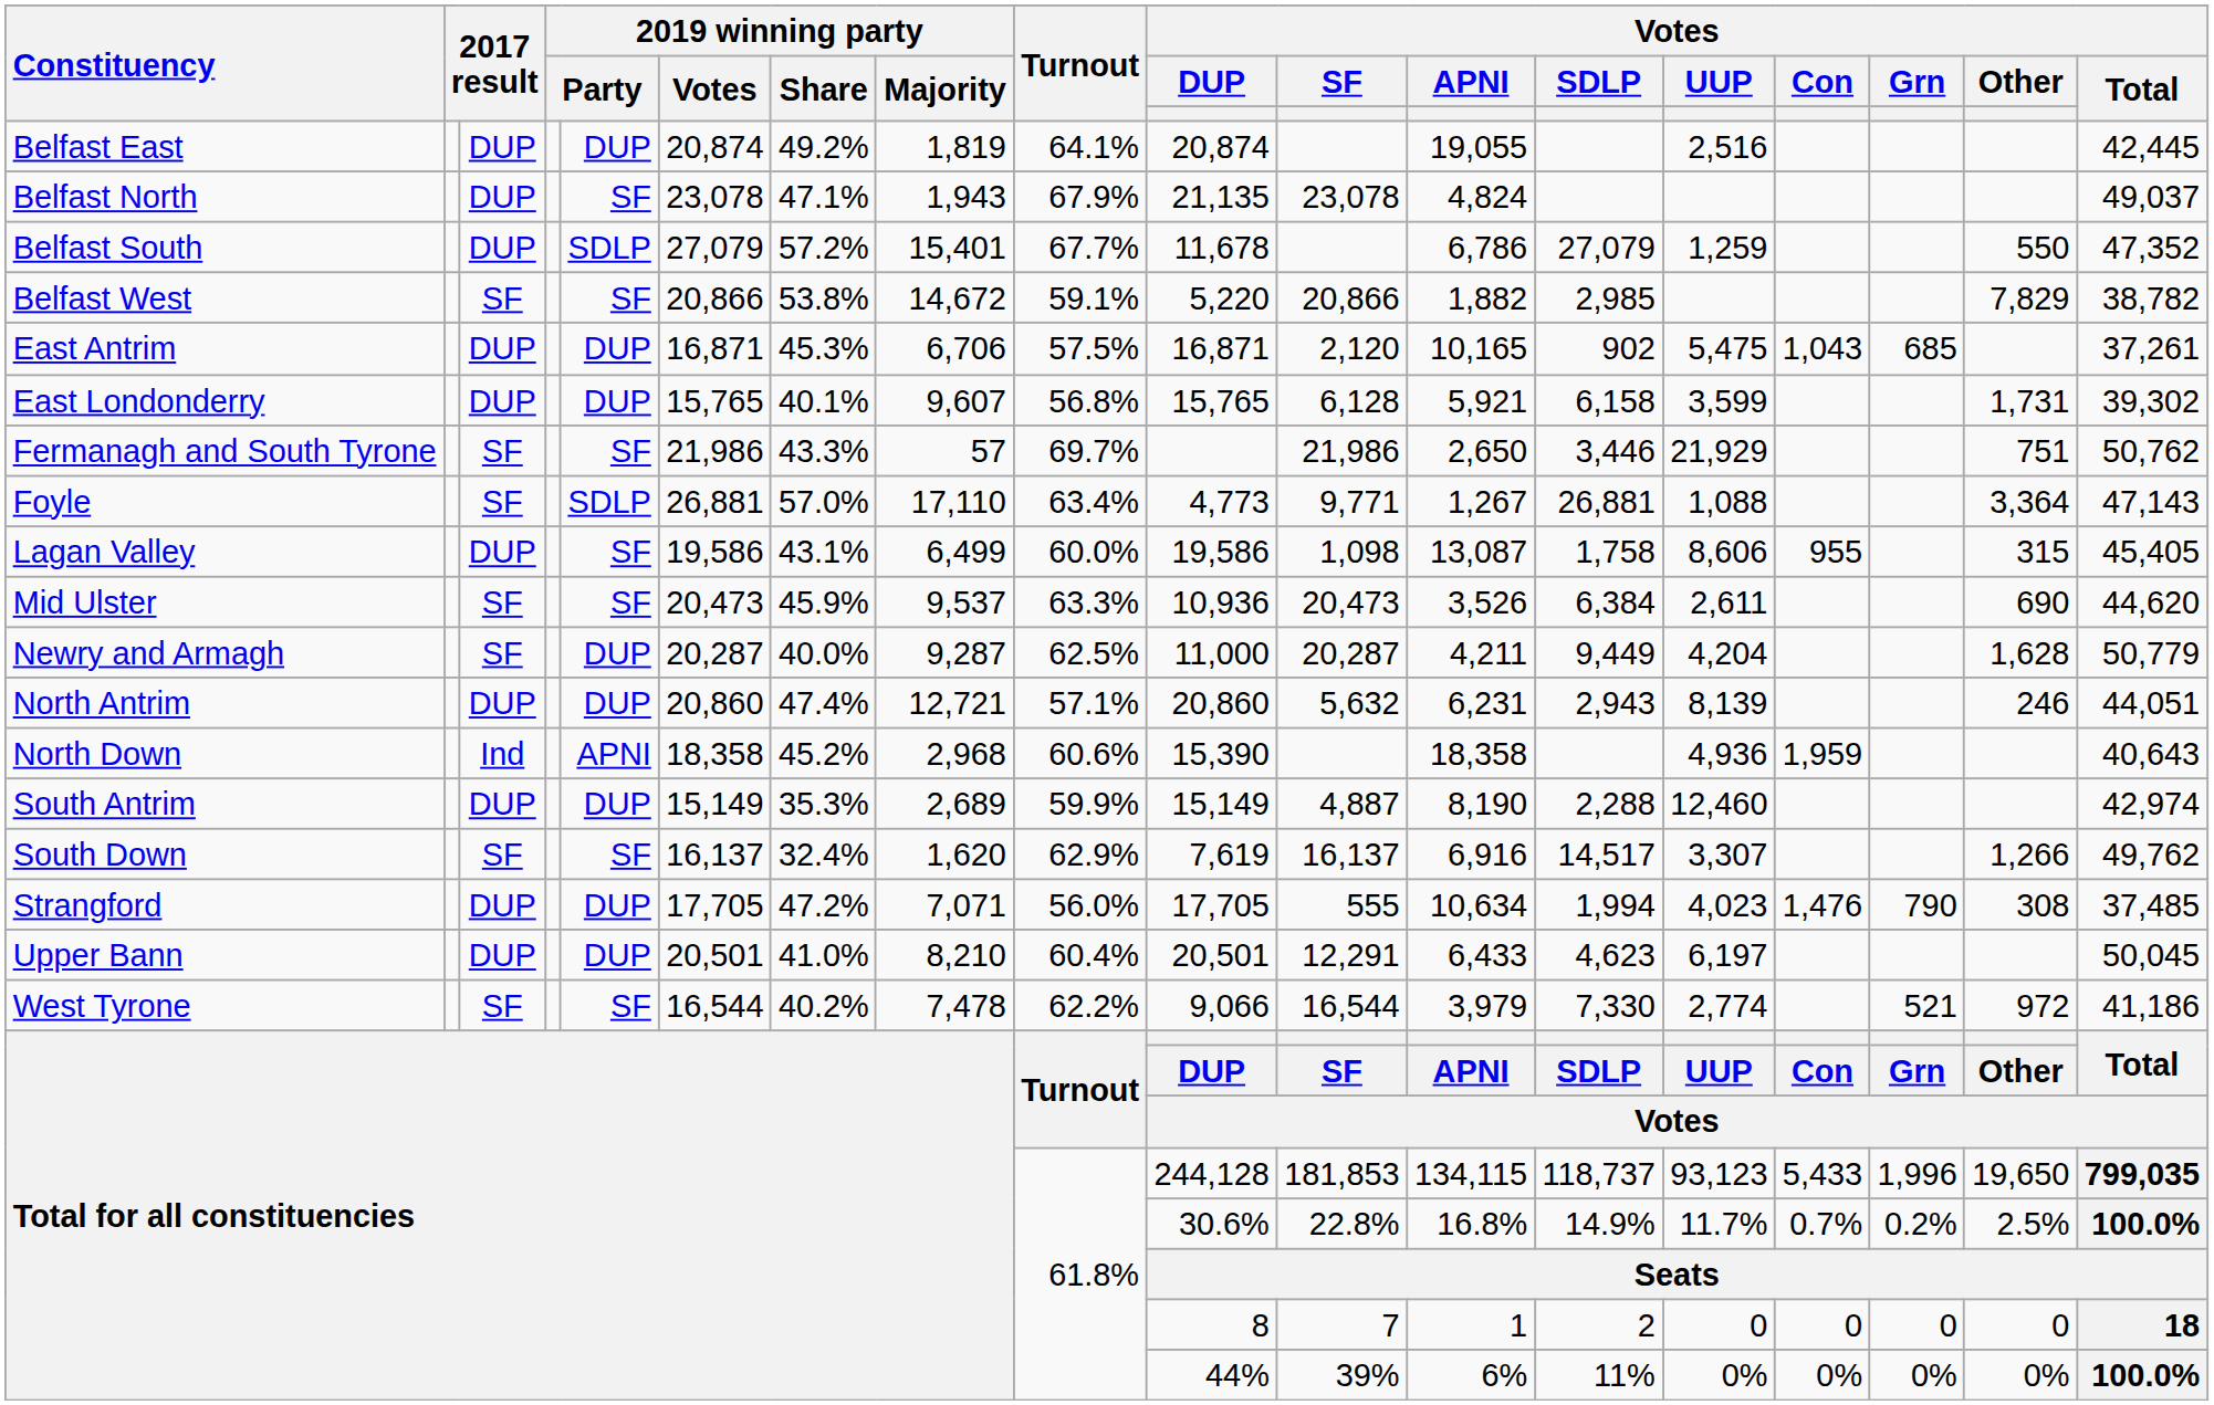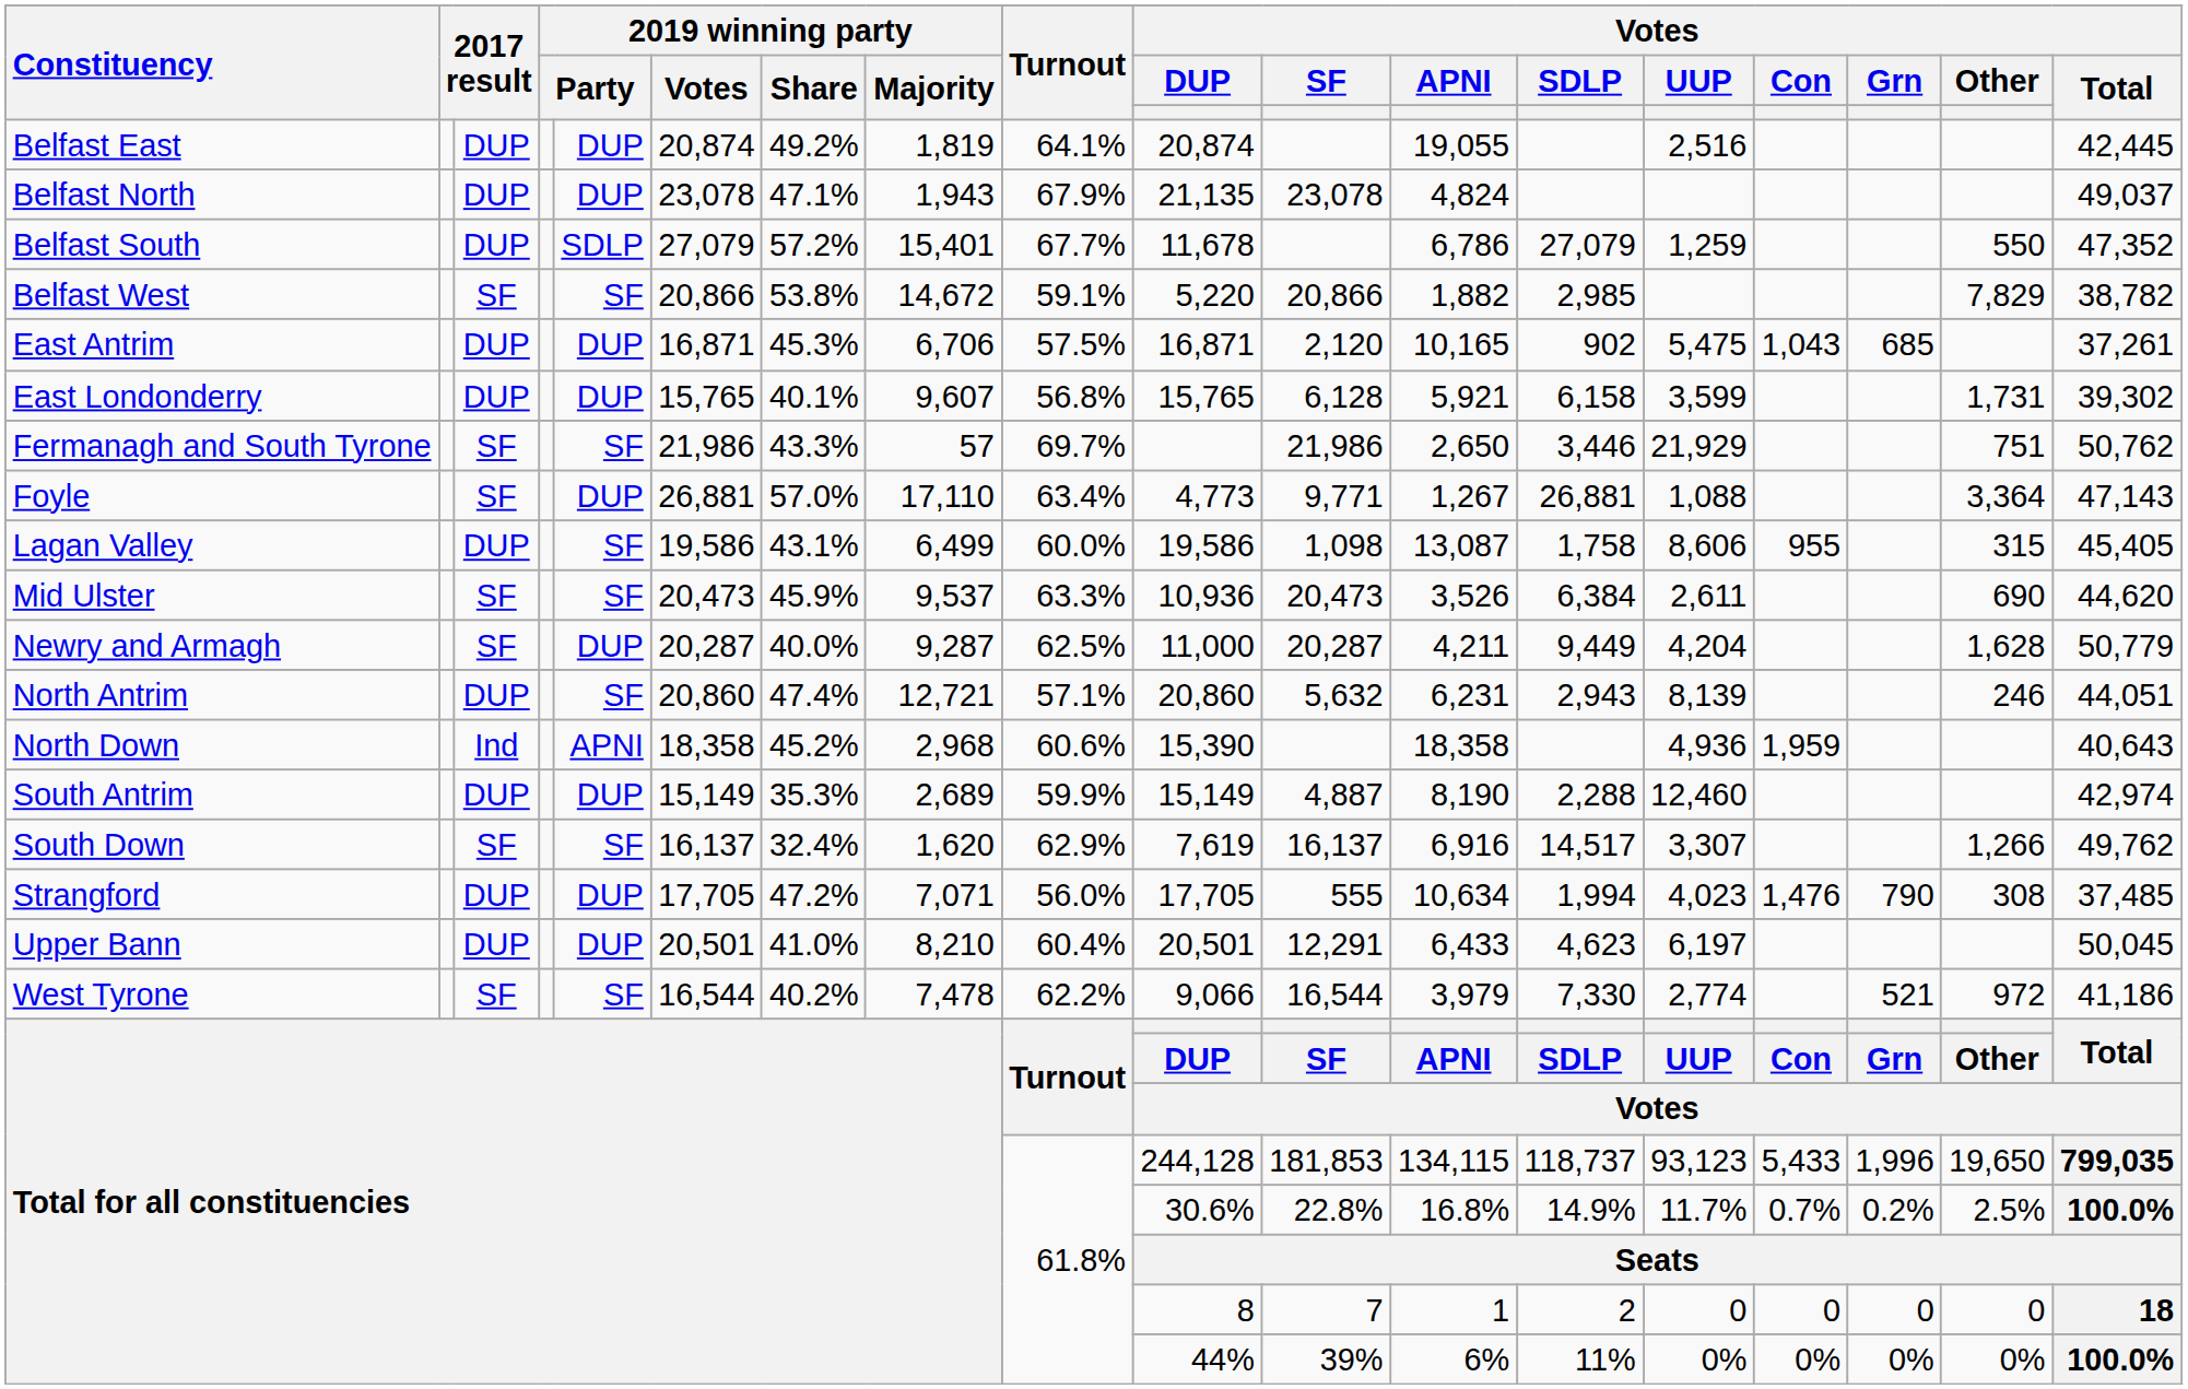 <table class="wikitable sortable sort-under" style="text-align:right; font-size:95%">
 <tr>
 <th rowspan="3" scope="col" style="text-align:left;"><a href='#'>Constituency</a></th>
 <th colspan="2" rowspan="3" scope="col">2017<br>result</th>
 <th colspan="5">2019 winning party</th>
 <th rowspan="3" scope="col">Turnout </th>
 <th colspan="9" scope="col">Votes</th>
 </tr>
 <tr>
 <th colspan="2" rowspan="2">Party</th>
 <th rowspan="2" scope="col">Votes</th>
 <th rowspan="2" scope="col">Share</th>
 <th rowspan="2" scope="col">Majority</th>
 <th scope="col"><a href='#'>DUP</a></th>
 <th scope="col"><a href='#'>SF</a></th>
 <th scope="col"><a href='#'>APNI</a></th>
 <th scope="col"><a href='#'>SDLP</a></th>
 <th scope="col"><a href='#'>UUP</a></th>
 <th scope="col"><a href='#'>Con</a></th>
 <th scope="col"><a href='#'>Grn</a></th>
 <th scope="col">Other </th>
 <th rowspan="2" scope="col">Total</th>
 </tr>
 <tr>
 <th scope="col" style="background-color:"></th>
 <th scope="col" style="background-color:"></th>
 <th scope="col" style="background-color:"></th>
 <th scope="col" style="background-color:"></th>
 <th scope="col" style="background-color:"></th>
 <th scope="col" style="background-color:"></th>
 <th scope="col" style="background-color:"></th>
 <th></th>
 </tr>
 <tr>
 <td style="text-align:left;"><a href='#'>Belfast East</a></td>
 <td style="background:"></td>
 <td style="text-align:center;"><a href='#'>DUP</a></td>
 <td style="background:"></td>
 <td><a href='#'>DUP</a></td>
 <td>20,874</td>
 <td>49.2%</td>
 <td>1,819</td>
 <td>64.1%</td>
 <td>20,874</td>
 <td></td>
 <td>19,055</td>
 <td></td>
 <td>2,516</td>
 <td></td>
 <td></td>
 <td></td>
 <td>42,445</td>
 </tr>
 <tr>
 <td style="text-align:left;"><a href='#'>Belfast North</a></td>
 <td style="background:"></td>
 <td style="text-align:center;"><a href='#'>DUP</a></td>
 <td style="background:"></td>
-<td><a href='#'>SF</a></td>
+<td><a href='#'>DUP</a></td>
 <td>23,078</td>
 <td>47.1%</td>
 <td>1,943</td>
 <td>67.9%</td>
 <td>21,135</td>
 <td>23,078</td>
 <td>4,824</td>
 <td></td>
 <td></td>
 <td></td>
 <td></td>
 <td></td>
 <td>49,037</td>
 </tr>
 <tr>
 <td style="text-align:left;"><a href='#'>Belfast South</a></td>
 <td style="background:"></td>
 <td style="text-align:center;"><a href='#'>DUP</a></td>
 <td style="background:"></td>
 <td><a href='#'>SDLP</a></td>
 <td>27,079</td>
 <td>57.2%</td>
 <td>15,401</td>
 <td>67.7%</td>
 <td>11,678</td>
 <td></td>
 <td>6,786</td>
 <td>27,079</td>
 <td>1,259</td>
 <td></td>
 <td></td>
 <td>550</td>
 <td>47,352</td>
 </tr>
 <tr>
 <td style="text-align:left;"><a href='#'>Belfast West</a></td>
 <td style="background:"></td>
 <td style="text-align:center;"><a href='#'>SF</a></td>
 <td style="background:"></td>
 <td><a href='#'>SF</a></td>
 <td>20,866</td>
 <td>53.8%</td>
 <td>14,672</td>
 <td>59.1%</td>
 <td>5,220</td>
 <td>20,866</td>
 <td>1,882</td>
 <td>2,985</td>
 <td></td>
 <td></td>
 <td></td>
 <td>7,829</td>
 <td>38,782</td>
 </tr>
 <tr>
 <td style="text-align:left;"><a href='#'>East Antrim</a></td>
 <td style="background:"></td>
 <td style="text-align:center;"><a href='#'>DUP</a></td>
 <td style="background:"></td>
 <td><a href='#'>DUP</a></td>
 <td>16,871</td>
 <td>45.3%</td>
 <td>6,706</td>
 <td>57.5%</td>
 <td>16,871</td>
 <td>2,120</td>
 <td>10,165</td>
 <td>902</td>
 <td>5,475</td>
 <td>1,043</td>
 <td>685</td>
 <td></td>
 <td>37,261</td>
 </tr>
 <tr>
 <td style="text-align:left;"><a href='#'>East Londonderry</a></td>
 <td style="background:"></td>
 <td style="text-align:center;"><a href='#'>DUP</a></td>
 <td style="background:"></td>
 <td><a href='#'>DUP</a></td>
 <td>15,765</td>
 <td>40.1%</td>
 <td>9,607</td>
 <td>56.8%</td>
 <td>15,765</td>
 <td>6,128</td>
 <td>5,921</td>
 <td>6,158</td>
 <td>3,599</td>
 <td></td>
 <td></td>
 <td>1,731</td>
 <td>39,302</td>
 </tr>
 <tr>
 <td style="text-align:left;"><a href='#'>Fermanagh and South Tyrone</a></td>
 <td style="background:"></td>
 <td style="text-align:center;"><a href='#'>SF</a></td>
 <td style="background:"></td>
 <td><a href='#'>SF</a></td>
 <td>21,986</td>
 <td>43.3%</td>
 <td>57</td>
 <td>69.7%</td>
 <td></td>
 <td>21,986</td>
 <td>2,650</td>
 <td>3,446</td>
 <td>21,929</td>
 <td></td>
 <td></td>
 <td>751</td>
 <td>50,762</td>
 </tr>
 <tr>
 <td style="text-align:left;"><a href='#'>Foyle</a></td>
 <td style="background:"></td>
 <td style="text-align:center;"><a href='#'>SF</a></td>
 <td style="background:"></td>
-<td><a href='#'>SDLP</a></td>
+<td><a href='#'>DUP</a></td>
 <td>26,881</td>
 <td>57.0%</td>
 <td>17,110</td>
 <td>63.4%</td>
 <td>4,773</td>
 <td>9,771</td>
 <td>1,267</td>
 <td>26,881</td>
 <td>1,088</td>
 <td></td>
 <td></td>
 <td>3,364</td>
 <td>47,143</td>
 </tr>
 <tr>
 <td style="text-align:left;"><a href='#'>Lagan Valley</a></td>
 <td style="background:"></td>
 <td style="text-align:center;"><a href='#'>DUP</a></td>
 <td style="background:"></td>
 <td><a href='#'>SF</a></td>
 <td>19,586</td>
 <td>43.1%</td>
 <td>6,499</td>
 <td>60.0%</td>
 <td>19,586</td>
 <td>1,098</td>
 <td>13,087</td>
 <td>1,758</td>
 <td>8,606</td>
 <td>955</td>
 <td></td>
 <td>315</td>
 <td>45,405</td>
 </tr>
 <tr>
 <td style="text-align:left;"><a href='#'>Mid Ulster</a></td>
 <td style="background:"></td>
 <td style="text-align:center;"><a href='#'>SF</a></td>
 <td style="background:"></td>
 <td><a href='#'>SF</a></td>
 <td>20,473</td>
 <td>45.9%</td>
 <td>9,537</td>
 <td>63.3%</td>
 <td>10,936</td>
 <td>20,473</td>
 <td>3,526</td>
 <td>6,384</td>
 <td>2,611</td>
 <td></td>
 <td></td>
 <td>690</td>
 <td>44,620</td>
 </tr>
 <tr>
 <td style="text-align:left;"><a href='#'>Newry and Armagh</a></td>
 <td style="background:"></td>
 <td style="text-align:center;"><a href='#'>SF</a></td>
 <td style="background:"></td>
 <td><a href='#'>DUP</a></td>
 <td>20,287</td>
 <td>40.0%</td>
 <td>9,287</td>
 <td>62.5%</td>
 <td>11,000</td>
 <td>20,287</td>
 <td>4,211</td>
 <td>9,449</td>
 <td>4,204</td>
 <td></td>
 <td></td>
 <td>1,628</td>
 <td>50,779</td>
 </tr>
 <tr>
 <td style="text-align:left;"><a href='#'>North Antrim</a></td>
 <td style="background:"></td>
 <td style="text-align:center;"><a href='#'>DUP</a></td>
 <td style="background:"></td>
-<td><a href='#'>DUP</a></td>
+<td><a href='#'>SF</a></td>
 <td>20,860</td>
 <td>47.4%</td>
 <td>12,721</td>
 <td>57.1%</td>
 <td>20,860</td>
 <td>5,632</td>
 <td>6,231</td>
 <td>2,943</td>
 <td>8,139</td>
 <td></td>
 <td></td>
 <td>246</td>
 <td>44,051</td>
 </tr>
 <tr>
 <td style="text-align:left;"><a href='#'>North Down</a></td>
 <td style="background:"></td>
 <td style="text-align:center;"><a href='#'>Ind</a></td>
 <td style="background:"></td>
 <td><a href='#'>APNI</a></td>
 <td>18,358</td>
 <td>45.2%</td>
 <td>2,968</td>
 <td>60.6%</td>
 <td>15,390</td>
 <td></td>
 <td>18,358</td>
 <td></td>
 <td>4,936</td>
 <td>1,959</td>
 <td></td>
 <td></td>
 <td>40,643</td>
 </tr>
 <tr>
 <td style="text-align:left;"><a href='#'>South Antrim</a></td>
 <td style="background:"></td>
 <td style="text-align:center;"><a href='#'>DUP</a></td>
 <td style="background:"></td>
 <td><a href='#'>DUP</a></td>
 <td>15,149</td>
 <td>35.3%</td>
 <td>2,689</td>
 <td>59.9%</td>
 <td>15,149</td>
 <td>4,887</td>
 <td>8,190</td>
 <td>2,288</td>
 <td>12,460</td>
 <td></td>
 <td></td>
 <td></td>
 <td>42,974</td>
 </tr>
 <tr>
 <td style="text-align:left;"><a href='#'>South Down</a></td>
 <td style="background:"></td>
 <td style="text-align:center;"><a href='#'>SF</a></td>
 <td style="background:"></td>
 <td><a href='#'>SF</a></td>
 <td>16,137</td>
 <td>32.4%</td>
 <td>1,620</td>
 <td>62.9%</td>
 <td>7,619</td>
 <td>16,137</td>
 <td>6,916</td>
 <td>14,517</td>
 <td>3,307</td>
 <td></td>
 <td></td>
 <td>1,266</td>
 <td>49,762</td>
 </tr>
 <tr>
 <td style="text-align:left;"><a href='#'>Strangford</a></td>
 <td style="background:"></td>
 <td style="text-align:center;"><a href='#'>DUP</a></td>
 <td style="background:"></td>
 <td><a href='#'>DUP</a></td>
 <td>17,705</td>
 <td>47.2%</td>
 <td>7,071</td>
 <td>56.0%</td>
 <td>17,705</td>
 <td>555</td>
 <td>10,634</td>
 <td>1,994</td>
 <td>4,023</td>
 <td>1,476</td>
 <td>790</td>
 <td>308</td>
 <td>37,485</td>
 </tr>
 <tr>
 <td style="text-align:left;"><a href='#'>Upper Bann</a></td>
 <td style="background:"></td>
 <td style="text-align:center;"><a href='#'>DUP</a></td>
 <td style="background:"></td>
 <td><a href='#'>DUP</a></td>
 <td>20,501</td>
 <td>41.0%</td>
 <td>8,210</td>
 <td>60.4%</td>
 <td>20,501</td>
 <td>12,291</td>
 <td>6,433</td>
 <td>4,623</td>
 <td>6,197</td>
 <td></td>
 <td></td>
 <td></td>
 <td>50,045</td>
 </tr>
 <tr>
 <td style="text-align:left;"><a href='#'>West Tyrone</a></td>
 <td style="background:"></td>
 <td style="text-align:center;"><a href='#'>SF</a></td>
 <td style="background:"></td>
 <td><a href='#'>SF</a></td>
 <td>16,544</td>
 <td>40.2%</td>
 <td>7,478</td>
 <td>62.2%</td>
 <td>9,066</td>
 <td>16,544</td>
 <td>3,979</td>
 <td>7,330</td>
 <td>2,774</td>
 <td></td>
 <td>521</td>
 <td>972</td>
 <td>41,186</td>
 </tr>
 <tr class="sortbottom">
 <th colspan="8" rowspan="8" scope="col" style="text-align:left;">Total for all constituencies</th>
 <th rowspan="3" scope="col">Turnout</th>
 <th scope="col" style="background:"></th>
 <th scope="col" style="background:"></th>
 <th scope="col" style="background:"></th>
 <th scope="col" style="background:"></th>
 <th scope="col" style="background:"></th>
 <th scope="col" style="background:"></th>
 <th scope="col" style="background:"></th>
 <th></th>
 <th rowspan="2" scope="col">Total</th>
 </tr>
 <tr class="sortbottom">
 <th scope="col"><a href='#'>DUP</a></th>
 <th scope="col"><a href='#'>SF</a></th>
 <th scope="col"><a href='#'>APNI</a></th>
 <th scope="col"><a href='#'>SDLP</a></th>
 <th scope="col"><a href='#'>UUP</a></th>
 <th scope="col"><a href='#'>Con</a></th>
 <th scope="col"><a href='#'>Grn</a></th>
 <th scope="col">Other</th>
 </tr>
 <tr class="sortbottom">
 <th colspan="9" scope="col">Votes</th>
 </tr>
 <tr class="sortbottom">
 <td rowspan="5" style="text-align:right;">61.8%</td>
 <td>244,128</td>
 <td>181,853</td>
 <td>134,115</td>
 <td>118,737</td>
 <td>93,123</td>
 <td>5,433</td>
 <td>1,996</td>
 <td>19,650</td>
 <th scope="col" style="text-align:right;">799,035</th>
 </tr>
 <tr class="sortbottom">
 <td>30.6%</td>
 <td>22.8%</td>
 <td>16.8%</td>
 <td>14.9%</td>
 <td>11.7%</td>
 <td>0.7%</td>
 <td>0.2%</td>
 <td>2.5%</td>
 <th scope="col" style="text-align:right;">100.0%</th>
 </tr>
 <tr class="sortbottom">
 <th colspan="9" scope="col">Seats</th>
 </tr>
 <tr class="sortbottom">
 <td>8</td>
 <td>7</td>
 <td>1</td>
 <td>2</td>
 <td>0</td>
 <td>0</td>
 <td>0</td>
 <td>0</td>
 <th scope="col" style="text-align:right;">18</th>
 </tr>
 <tr class="sortbottom">
 <td>44%</td>
 <td>39%</td>
 <td>6%</td>
 <td>11%</td>
 <td>0%</td>
 <td>0%</td>
 <td>0%</td>
 <td>0%</td>
 <th scope="col" style="text-align:right;">100.0%</th>
 </tr>
 </table>
